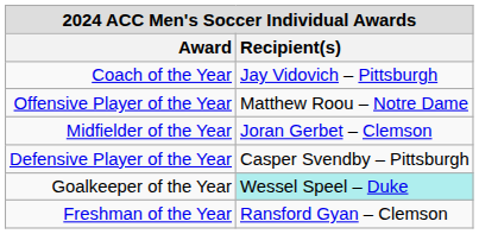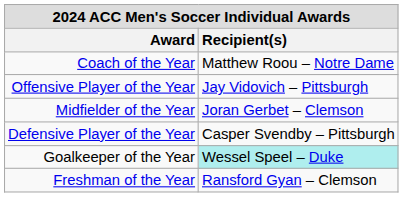 <table class="wikitable" style="white-space:nowrap; font-size:90%;">
 <tr>
 <td colspan="7" style="text-align:center; background:#ddd;"><strong>2024 ACC Men's Soccer Individual Awards</strong></td>
 </tr>
 <tr>
 <th style="text-align:right;">Award</th>
 <th style="text-align:left;">Recipient(s)</th>
 </tr>
 <tr>
 <td style="text-align:right;"><a href='#'>Coach of the Year</a></td>
-<td style="text-align:left;"><a href='#'>Jay Vidovich</a> – <a href='#'>Pittsburgh</a></td>
+<td style="text-align:left;">Matthew Roou – <a href='#'>Notre Dame</a></td>
 </tr>
 <tr>
 <td style="text-align:right;"><a href='#'>Offensive Player of the Year</a></td>
-<td style="text-align:left;">Matthew Roou – <a href='#'>Notre Dame</a></td>
+<td style="text-align:left;"><a href='#'>Jay Vidovich</a> – <a href='#'>Pittsburgh</a></td>
 </tr>
 <tr>
 <td style="text-align:right;"><a href='#'>Midfielder of the Year</a></td>
 <td style="text-align:left;"><a href='#'>Joran Gerbet</a> – <a href='#'>Clemson</a></td>
 </tr>
 <tr>
 <td style="text-align:right;"><a href='#'>Defensive Player of the Year</a></td>
 <td style="text-align:left;">Casper Svendby – Pittsburgh</td>
 </tr>
 <tr>
 <td style="text-align:right;">Goalkeeper of the Year</td>
 <td style="background: paleturquoise; text-align:left;">Wessel Speel – <a href='#'>Duke</a></td>
 </tr>
 <tr>
 <td style="text-align:right;"><a href='#'>Freshman of the Year</a></td>
 <td style="text-align:left;"><a href='#'>Ransford Gyan</a> – Clemson</td>
 </tr>
 </table>
